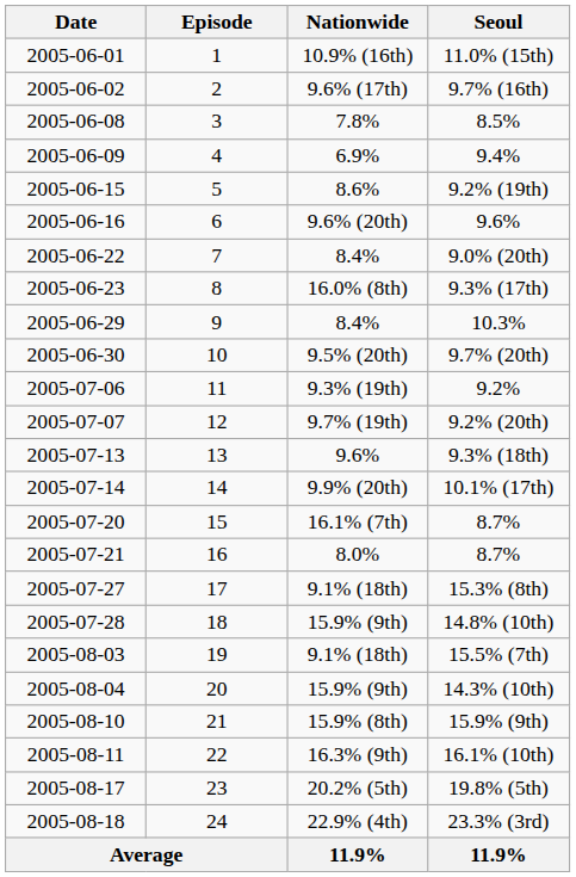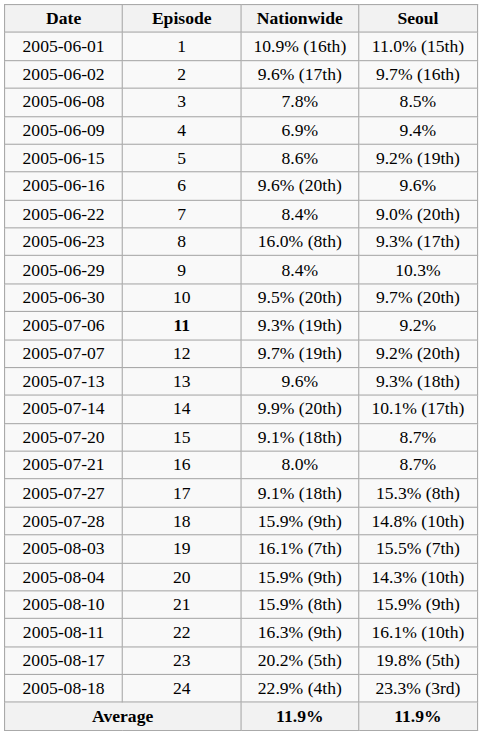 <table class="wikitable">
 <tr>
 <th width="100">Date</th>
 <th width="100">Episode</th>
 <th width="100">Nationwide</th>
 <th width="100">Seoul</th>
 </tr>
 <tr align=center>
 <td>2005-06-01</td>
 <td>1</td>
 <td>10.9% (16th)</td>
 <td>11.0% (15th)</td>
 </tr>
 <tr align=center>
 <td>2005-06-02</td>
 <td>2</td>
 <td>9.6% (17th)</td>
 <td>9.7% (16th)</td>
 </tr>
 <tr align=center>
 <td>2005-06-08</td>
 <td>3</td>
 <td>7.8%</td>
 <td>8.5%</td>
 </tr>
 <tr align=center>
 <td>2005-06-09</td>
 <td>4</td>
 <td>6.9%</td>
 <td>9.4%</td>
 </tr>
 <tr align=center>
 <td>2005-06-15</td>
 <td>5</td>
 <td>8.6%</td>
 <td>9.2% (19th)</td>
 </tr>
 <tr align=center>
 <td>2005-06-16</td>
 <td>6</td>
 <td>9.6% (20th)</td>
 <td>9.6%</td>
 </tr>
 <tr align=center>
 <td>2005-06-22</td>
 <td>7</td>
 <td>8.4%</td>
 <td>9.0% (20th)</td>
 </tr>
 <tr align=center>
 <td>2005-06-23</td>
 <td>8</td>
 <td>16.0% (8th)</td>
 <td>9.3% (17th)</td>
 </tr>
 <tr align=center>
 <td>2005-06-29</td>
 <td>9</td>
 <td>8.4%</td>
 <td>10.3%</td>
 </tr>
 <tr align=center>
 <td>2005-06-30</td>
 <td>10</td>
 <td>9.5% (20th)</td>
 <td>9.7% (20th)</td>
 </tr>
 <tr align=center>
 <td>2005-07-06</td>
-<td>11</td>
+<td><strong>11</strong></td>
 <td>9.3% (19th)</td>
 <td>9.2%</td>
 </tr>
 <tr align=center>
 <td>2005-07-07</td>
 <td>12</td>
 <td>9.7% (19th)</td>
 <td>9.2% (20th)</td>
 </tr>
 <tr align=center>
 <td>2005-07-13</td>
 <td>13</td>
 <td>9.6%</td>
 <td>9.3% (18th)</td>
 </tr>
 <tr align=center>
 <td>2005-07-14</td>
 <td>14</td>
 <td>9.9% (20th)</td>
 <td>10.1% (17th)</td>
 </tr>
 <tr align=center>
 <td>2005-07-20</td>
 <td>15</td>
-<td>16.1% (7th)</td>
+<td>9.1% (18th)</td>
 <td>8.7%</td>
 </tr>
 <tr align=center>
 <td>2005-07-21</td>
 <td>16</td>
 <td>8.0%</td>
 <td>8.7%</td>
 </tr>
 <tr align=center>
 <td>2005-07-27</td>
 <td>17</td>
 <td>9.1% (18th)</td>
 <td>15.3% (8th)</td>
 </tr>
 <tr align=center>
 <td>2005-07-28</td>
 <td>18</td>
 <td>15.9% (9th)</td>
 <td>14.8% (10th)</td>
 </tr>
 <tr align=center>
 <td>2005-08-03</td>
 <td>19</td>
-<td>9.1% (18th)</td>
+<td>16.1% (7th)</td>
 <td>15.5% (7th)</td>
 </tr>
 <tr align=center>
 <td>2005-08-04</td>
 <td>20</td>
 <td>15.9% (9th)</td>
 <td>14.3% (10th)</td>
 </tr>
 <tr align=center>
 <td>2005-08-10</td>
 <td>21</td>
 <td>15.9% (8th)</td>
 <td>15.9% (9th)</td>
 </tr>
 <tr align=center>
 <td>2005-08-11</td>
 <td>22</td>
 <td>16.3% (9th)</td>
 <td>16.1% (10th)</td>
 </tr>
 <tr align=center>
 <td>2005-08-17</td>
 <td>23</td>
 <td>20.2% (5th)</td>
 <td>19.8% (5th)</td>
 </tr>
 <tr align=center>
 <td>2005-08-18</td>
 <td>24</td>
 <td>22.9% (4th)</td>
 <td>23.3% (3rd)</td>
 </tr>
 <tr align="center">
 <th colspan="2">Average</th>
 <th>11.9%</th>
 <th>11.9%</th>
 </tr>
 </table>
